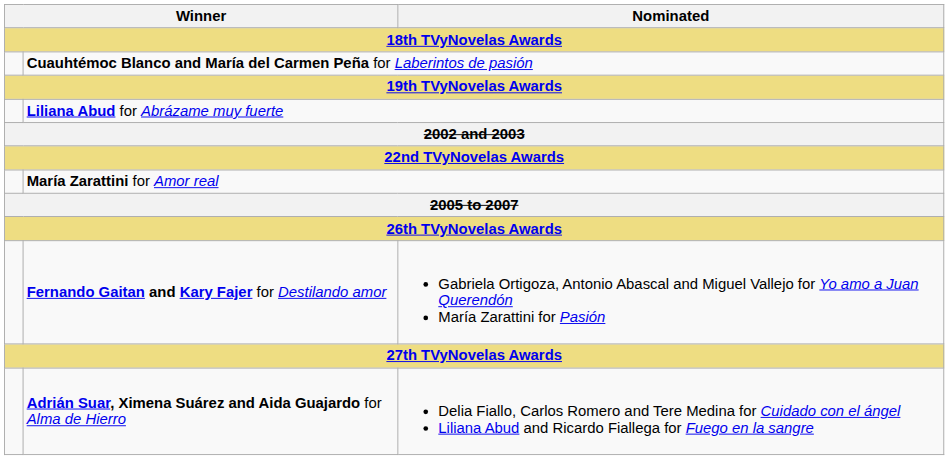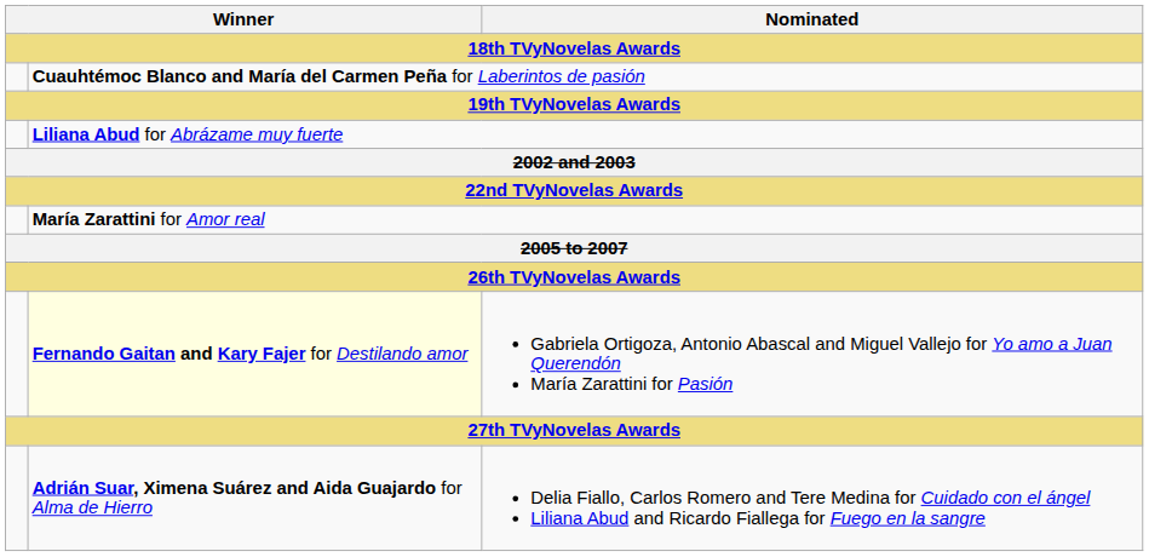 <table class="wikitable" width=80%>
 <tr align=center>
 <th width="150px;" colspan=2; align="center">Winner</th>
 <th width="580px;" align="center">Nominated</th>
 </tr>
 <tr>
 <th colspan=9 style="background:#EEDD82;"  align="center"><strong><a href='#'>18th TVyNovelas Awards</a></strong></th>
 </tr>
 <tr>
 <td width=2%></td>
 <td colspan=2><strong>Cuauhtémoc Blanco and María del Carmen Peña</strong> for <em><a href='#'>Laberintos de pasión</a></em></td>
 </tr>
 <tr>
 <th colspan=9 style="background:#EEDD82;"  align="center"><strong><a href='#'>19th TVyNovelas Awards</a></strong></th>
 </tr>
 <tr>
 <td width=2%></td>
 <td colspan=2><strong><a href='#'>Liliana Abud</a></strong> for <em><a href='#'>Abrázame muy fuerte</a></em></td>
 </tr>
 <tr>
 <th colspan=9 align="center"><s>2002 and 2003</s></th>
 </tr>
 <tr>
 <th colspan=9 style="background:#EEDD82;"  align="center"><strong><a href='#'>22nd TVyNovelas Awards</a></strong></th>
 </tr>
 <tr>
 <td width=2%></td>
 <td colspan=2><strong>María Zarattini</strong> for <em><a href='#'>Amor real</a></em></td>
 </tr>
 <tr>
 <th colspan=9 align="center"><s>2005 to 2007</s></th>
 </tr>
 <tr>
 <th colspan=9 style="background:#EEDD82;"  align="center"><strong><a href='#'>26th TVyNovelas Awards</a></strong></th>
 </tr>
 <tr>
 <td width=2%></td>
-<td><strong><a href='#'>Fernando Gaitan</a> and <a href='#'>Kary Fajer</a></strong> for <em><a href='#'>Destilando amor</a></em></td>
+<td style="background: lightyellow;"><strong><a href='#'>Fernando Gaitan</a> and <a href='#'>Kary Fajer</a></strong> for <em><a href='#'>Destilando amor</a></em></td>
 <td><br><ul><li>Gabriela Ortigoza, Antonio Abascal and Miguel Vallejo for <em><a href='#'>Yo amo a Juan Querendón</a></em></li><li>María Zarattini for <em><a href='#'>Pasión</a></em></li></ul></td>
 </tr>
 <tr>
 <th colspan=9 style="background:#EEDD82;"  align="center"><strong><a href='#'>27th TVyNovelas Awards</a></strong></th>
 </tr>
 <tr>
 <td width=2%></td>
 <td><strong><a href='#'>Adrián Suar</a>, Ximena Suárez and Aida Guajardo</strong> for <em><a href='#'>Alma de Hierro</a></em></td>
 <td><br><ul><li>Delia Fiallo, Carlos  Romero and Tere Medina for <em><a href='#'>Cuidado con el ángel</a></em></li><li><a href='#'>Liliana Abud</a> and Ricardo Fiallega for <em><a href='#'>Fuego en la sangre</a></em></li></ul></td>
 </tr>
 </table>
